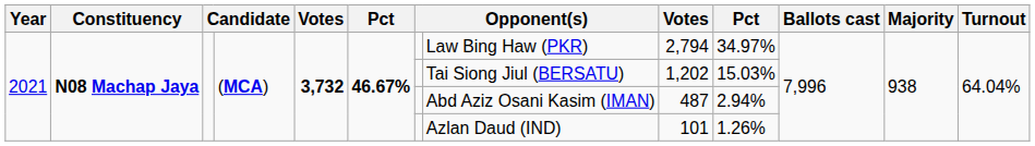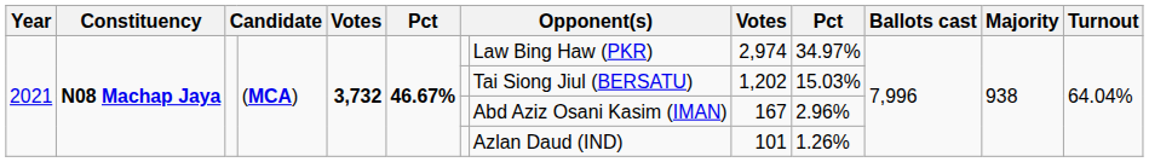 <table class="wikitable" style="margin:0.5em ; font-size:95%">
 <tr>
 <th>Year</th>
 <th>Constituency</th>
 <th colspan=2>Candidate</th>
 <th>Votes</th>
 <th>Pct</th>
 <th colspan=2>Opponent(s)</th>
 <th>Votes</th>
 <th>Pct</th>
 <th>Ballots cast</th>
 <th>Majority</th>
 <th>Turnout</th>
 </tr>
 <tr>
 <td rowspan="4"><a href='#'>2021</a></td>
 <td rowspan="4"><strong>N08 <a href='#'>Machap Jaya</a></strong></td>
 <td rowspan="4" ></td>
 <td rowspan="4"> (<a href='#'><strong>MCA</strong></a>)</td>
 <td rowspan="4" align="right"><strong>3,732</strong></td>
 <td rowspan="4"><strong>46.67%</strong></td>
 <td></td>
 <td>Law Bing Haw (<a href='#'>PKR</a>)</td>
-<td align="right">2,794</td>
+<td align="right">2,974</td>
 <td>34.97%</td>
 <td rowspan=4>7,996</td>
 <td rowspan=4>938</td>
 <td rowspan=4>64.04%</td>
 </tr>
 <tr>
 <td bgcolor=></td>
 <td>Tai Siong Jiul (<a href='#'>BERSATU</a>)</td>
 <td align="right">1,202</td>
 <td>15.03%</td>
 </tr>
 <tr>
 <td></td>
 <td>Abd Aziz Osani Kasim (<a href='#'>IMAN</a>)</td>
-<td align="right">487</td>
-<td>2.94%</td>
+<td align="right">167</td>
+<td>2.96%</td>
 </tr>
 <tr>
 <td></td>
 <td>Azlan Daud (IND)</td>
 <td align="right">101</td>
 <td>1.26%</td>
 </tr>
 </table>
